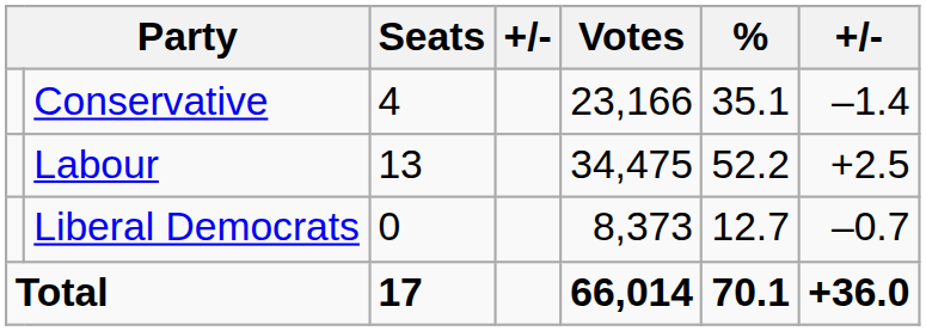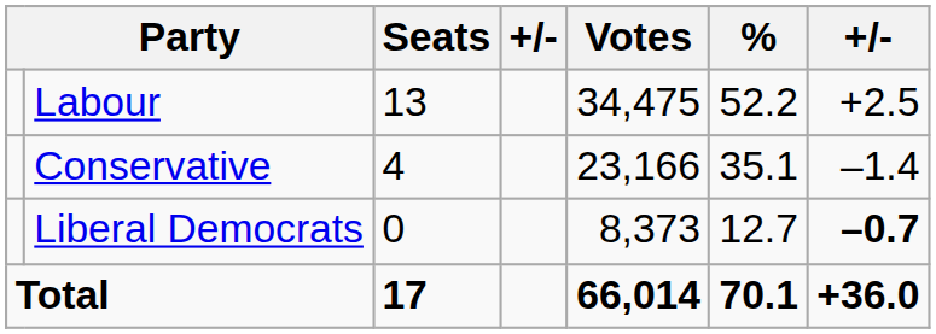 <table class="wikitable sortable">
 <tr>
 <th colspan="2">Party</th>
 <th>Seats</th>
 <th>+/-</th>
 <th>Votes</th>
 <th>%</th>
 <th>+/-</th>
+</tr>
+<tr>
+<td style="background-color: "></td>
+<td><a href='#'>Labour</a></td>
+<td>13</td>
+<td></td>
+<td style="text-align:right;">34,475</td>
+<td style="text-align:right;">52.2</td>
+<td style="text-align:right;">+2.5</td>
 </tr>
 <tr>
 <td style="background-color: "></td>
 <td><a href='#'>Conservative</a></td>
 <td>4</td>
 <td></td>
 <td style="text-align:right;">23,166</td>
 <td style="text-align:right;">35.1</td>
 <td style="text-align:right;">–1.4</td>
 </tr>
 <tr>
 <td style="background-color: "></td>
-<td><a href='#'>Labour</a></td>
-<td>13</td>
-<td></td>
-<td style="text-align:right;">34,475</td>
-<td style="text-align:right;">52.2</td>
-<td style="text-align:right;">+2.5</td>
-</tr>
-<tr>
-<td style="background-color: "></td>
 <td><a href='#'>Liberal Democrats</a></td>
 <td>0</td>
 <td></td>
 <td style="text-align:right;">8,373</td>
 <td style="text-align:right;">12.7</td>
-<td style="text-align:right;">–0.7</td>
+<td style="text-align:right;"><strong>–0.7</strong></td>
 </tr>
 <tr>
 <td colspan="2"><strong>Total</strong></td>
 <td><strong>17</strong></td>
 <td></td>
 <td style="text-align:right;"><strong>66,014</strong></td>
 <td style="text-align:right;"><strong>70.1</strong></td>
 <td style="text-align:right;"><strong>+36.0</strong></td>
 </tr>
 </table>
